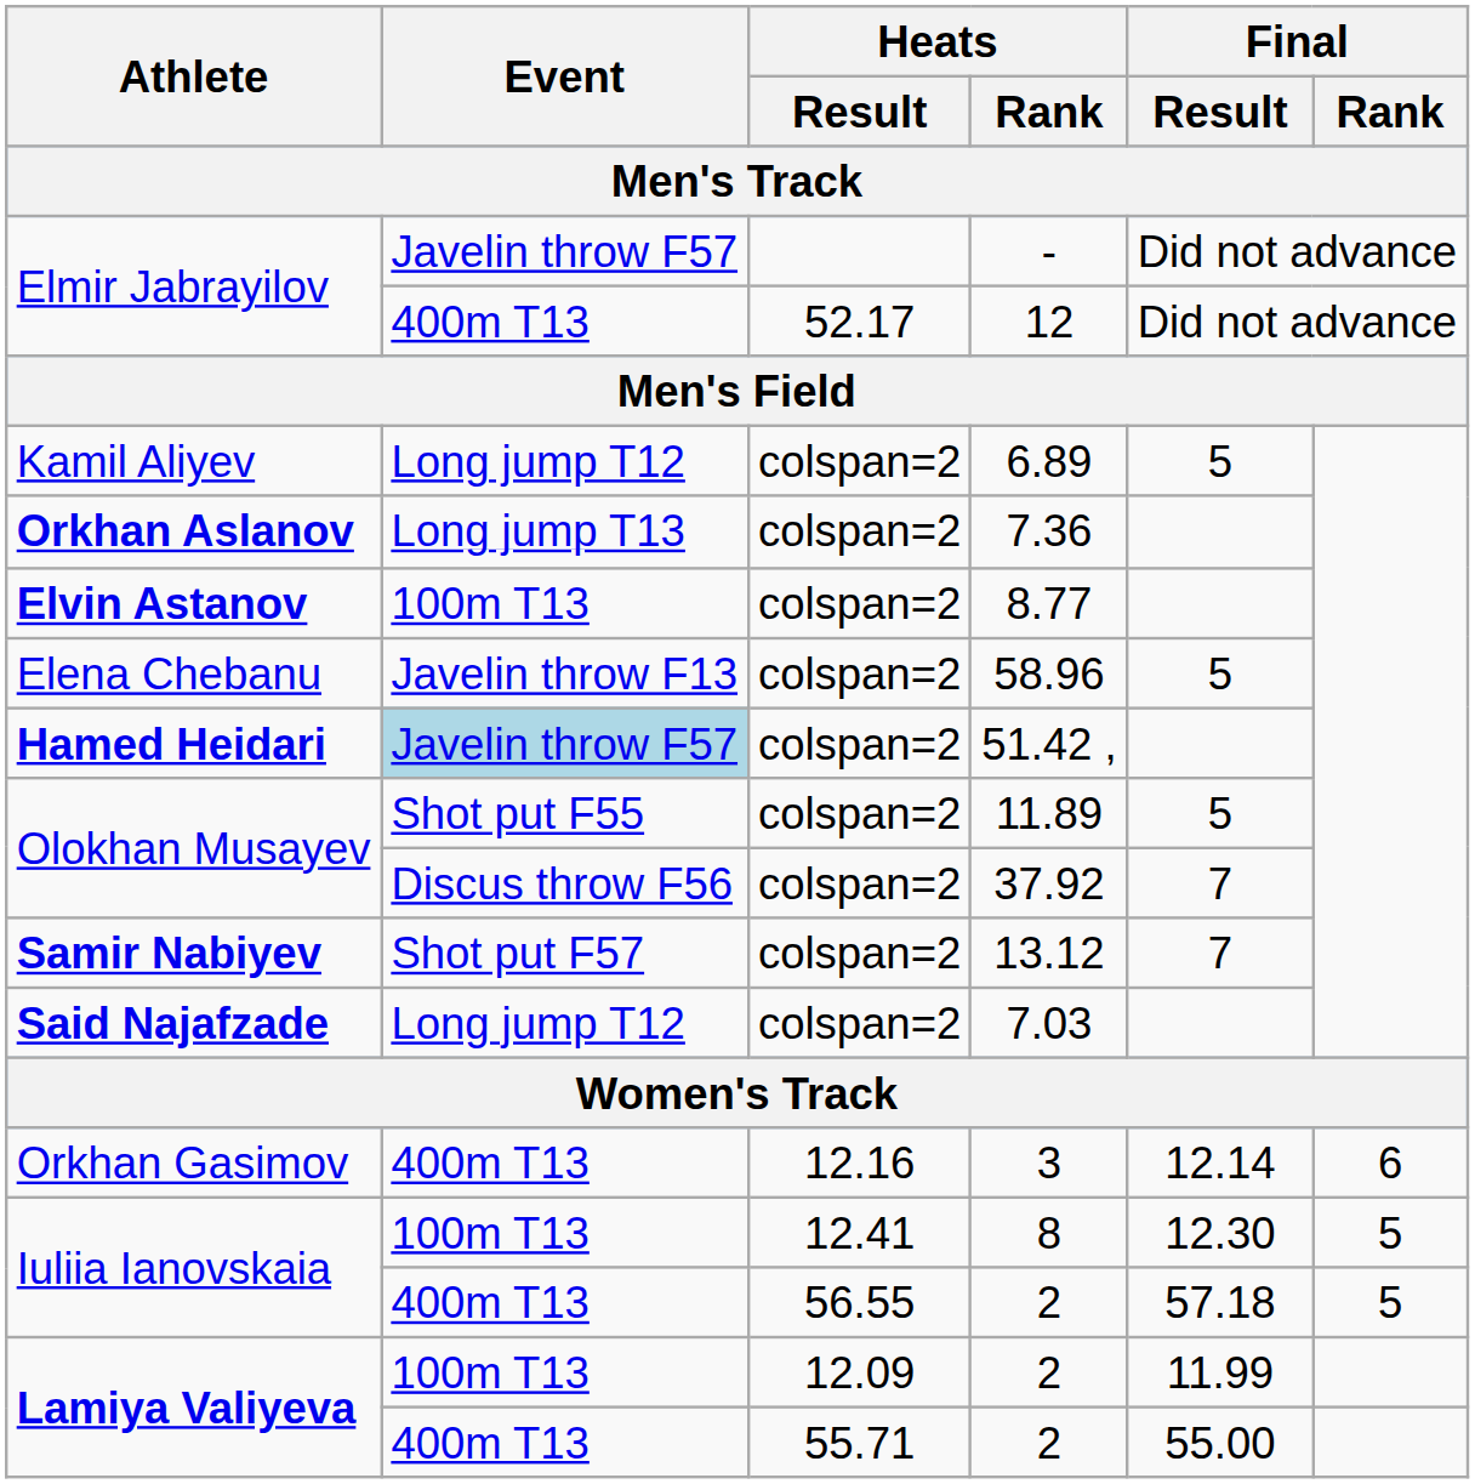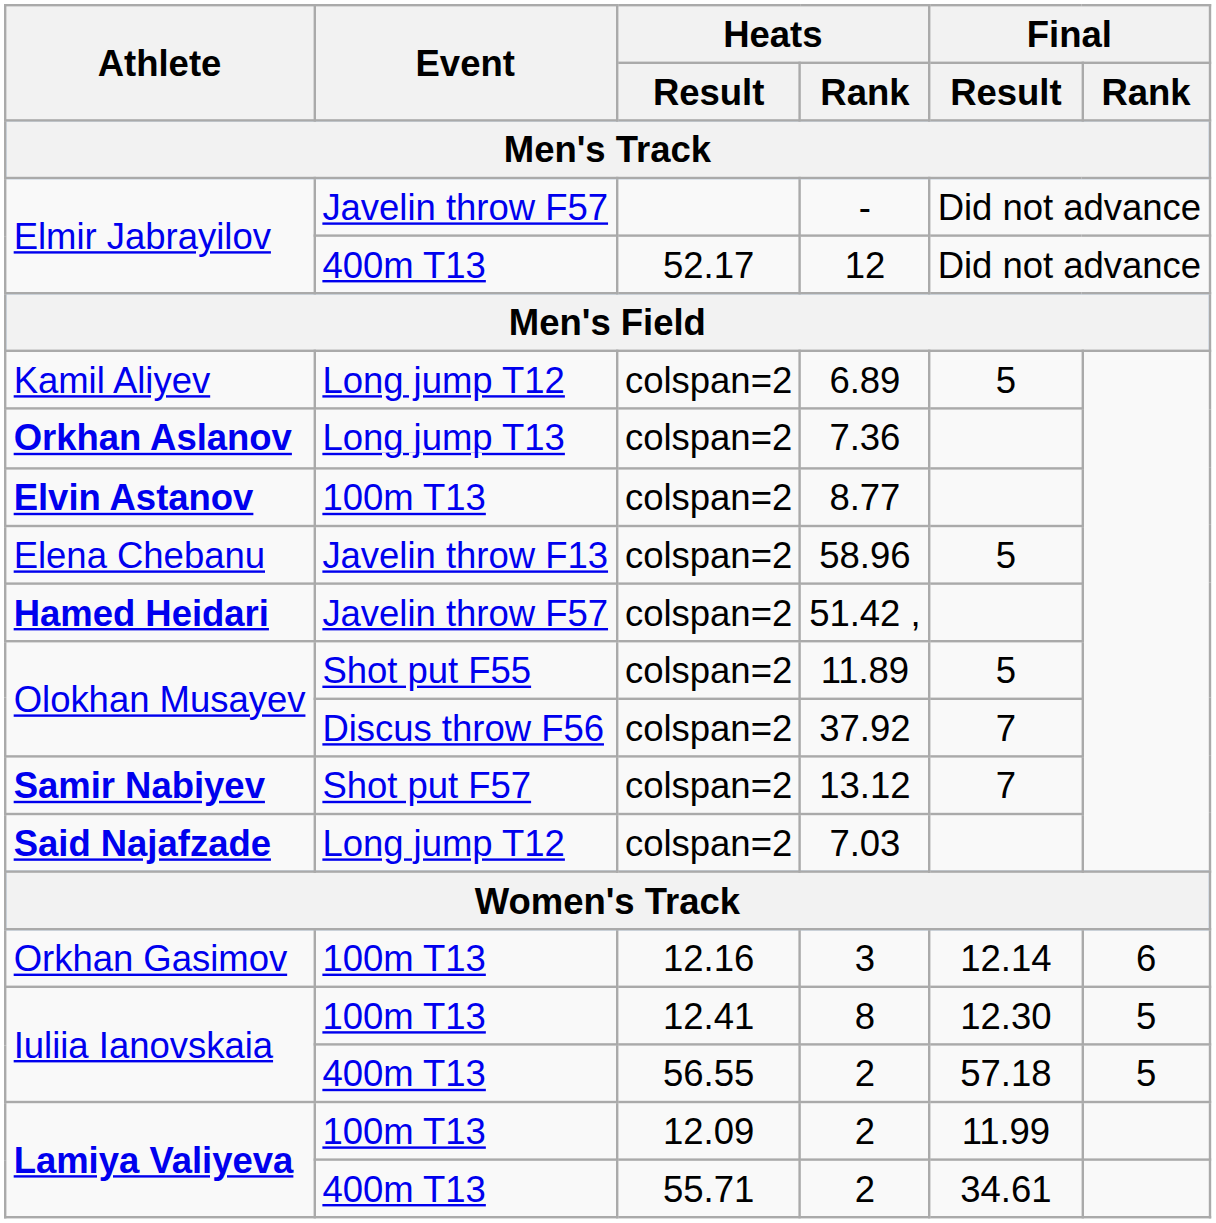 <table class=wikitable style="font-size:95%">
 <tr>
 <th rowspan="2">Athlete</th>
 <th rowspan="2">Event</th>
 <th colspan="2">Heats</th>
 <th colspan="3">Final</th>
 </tr>
 <tr>
 <th>Result</th>
 <th>Rank</th>
 <th>Result</th>
 <th>Rank</th>
 </tr>
 <tr style="background:#9acdff;">
 <th colspan=7>Men's Track</th>
 </tr>
 <tr align=center>
 <td align=left rowspan=2><a href='#'>Elmir Jabrayilov</a></td>
 <td align=left><a href='#'>Javelin throw F57</a></td>
 <td></td>
 <td>-</td>
 <td colspan=2>Did not advance</td>
 </tr>
 <tr align=center>
 <td align=left><a href='#'>400m T13</a></td>
 <td>52.17</td>
 <td>12</td>
 <td colspan=2>Did not advance</td>
 </tr>
 <tr style="background:#9acdff;">
 <th colspan=7>Men's Field</th>
 </tr>
 <tr align=center>
 <td align=left><a href='#'>Kamil Aliyev</a></td>
 <td align=left><a href='#'>Long jump T12</a></td>
 <td>colspan=2 </td>
 <td>6.89</td>
 <td>5</td>
 </tr>
 <tr align=center>
 <td align=left><strong><a href='#'>Orkhan Aslanov</a></strong></td>
 <td align=left><a href='#'>Long jump T13</a></td>
 <td>colspan=2 </td>
 <td>7.36 <strong></strong></td>
 <td></td>
 </tr>
 <tr align=center>
 <td align=left><strong><a href='#'>Elvin Astanov</a></strong></td>
 <td align=left><a href='#'>100m T13</a></td>
 <td>colspan=2 </td>
 <td>8.77 <strong></strong></td>
 <td></td>
 </tr>
 <tr align=center>
 <td align=left><a href='#'>Elena Chebanu</a></td>
 <td align=left><a href='#'>Javelin throw F13</a></td>
 <td>colspan=2 </td>
 <td>58.96</td>
 <td>5</td>
 </tr>
 <tr align=center>
 <td align=left><strong><a href='#'>Hamed Heidari</a></strong></td>
-<td align=left style="background: lightblue;"><a href='#'>Javelin throw F57</a></td>
+<td align=left><a href='#'>Javelin throw F57</a></td>
 <td>colspan=2 </td>
 <td>51.42 <strong></strong>, <strong></strong></td>
 <td></td>
 </tr>
 <tr align=center>
 <td align=left rowspan=2><a href='#'>Olokhan Musayev</a></td>
 <td align=left><a href='#'>Shot put F55</a></td>
 <td>colspan=2 </td>
 <td>11.89</td>
 <td>5</td>
 </tr>
 <tr align=center>
 <td align=left><a href='#'>Discus throw F56</a></td>
 <td>colspan=2 </td>
 <td>37.92</td>
 <td>7</td>
 </tr>
 <tr align=center>
 <td align=left><strong><a href='#'>Samir Nabiyev</a></strong></td>
 <td align=left><a href='#'>Shot put F57</a></td>
 <td>colspan=2 </td>
 <td>13.12</td>
 <td>7</td>
 </tr>
 <tr align=center>
 <td align=left><strong><a href='#'>Said Najafzade</a></strong></td>
 <td align=left><a href='#'>Long jump T12</a></td>
 <td>colspan=2 </td>
 <td>7.03</td>
 <td></td>
 </tr>
 <tr style="background:#9acdff;">
 <th colspan=7>Women's Track</th>
 </tr>
 <tr align=center>
 <td align=left><a href='#'>Orkhan Gasimov</a></td>
-<td align=left><a href='#'>400m T13</a></td>
+<td align=left><a href='#'>100m T13</a></td>
 <td>12.16</td>
 <td>3 <strong></strong></td>
 <td>12.14</td>
 <td>6</td>
 </tr>
 <tr align=center>
 <td align=left rowspan=2><a href='#'>Iuliia Ianovskaia</a></td>
 <td align=left><a href='#'>100m T13</a></td>
 <td>12.41</td>
 <td>8 <strong></strong></td>
 <td>12.30</td>
 <td>5</td>
 </tr>
 <tr align=center>
 <td align=left><a href='#'>400m T13</a></td>
 <td>56.55</td>
 <td>2 <strong></strong></td>
 <td>57.18</td>
 <td>5</td>
 </tr>
 <tr align=center>
 <td align=left rowspan=2><strong><a href='#'>Lamiya Valiyeva</a></strong></td>
 <td align=left><a href='#'>100m T13</a></td>
 <td>12.09</td>
 <td>2 <strong></strong></td>
 <td>11.99</td>
 <td></td>
 </tr>
 <tr align=center>
 <td align=left><a href='#'>400m T13</a></td>
 <td>55.71</td>
 <td>2 <strong></strong></td>
-<td>55.00 <strong></strong></td>
+<td>34.61 <strong></strong></td>
 <td></td>
 </tr>
 </table>
